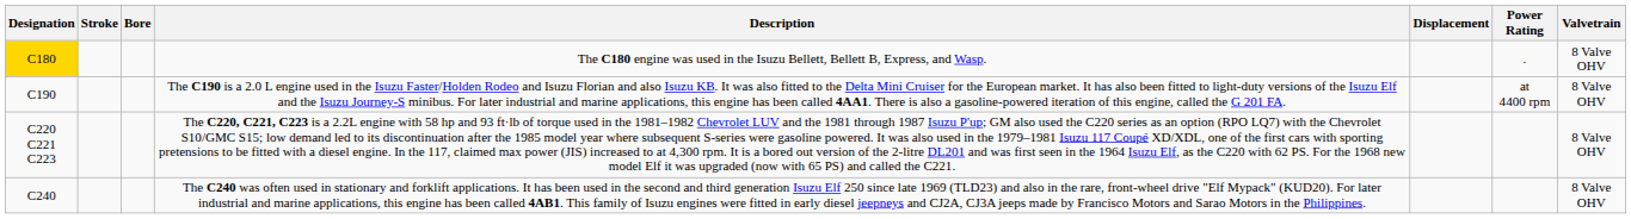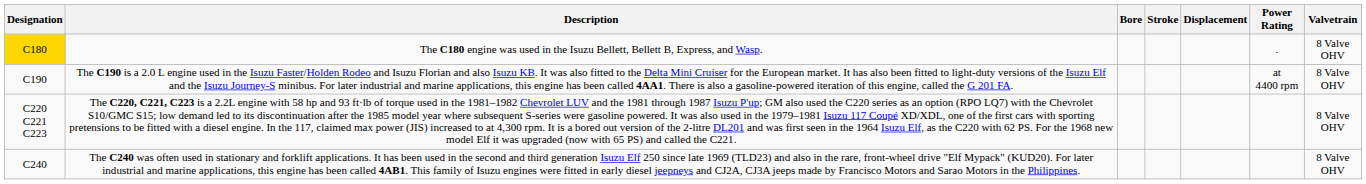 <table class="wikitable" style="text-align: center;">
 <tr>
 <th>Designation</th>
+<th>Description</th>
+<th>Bore</th>
 <th>Stroke</th>
-<th>Bore</th>
-<th>Description</th>
 <th>Displacement</th>
 <th>Power Rating</th>
 <th>Valvetrain</th>
 </tr>
 <tr>
 <td style="background: gold;">C180</td>
+<td>The <strong>C180</strong> engine was used in the Isuzu Bellett, Bellett B, Express, and <a href='#'>Wasp</a>.</td>
 <td></td>
 <td></td>
-<td>The <strong>C180</strong> engine was used in the Isuzu Bellett, Bellett B, Express, and <a href='#'>Wasp</a>.</td>
 <td></td>
 <td>.</td>
 <td>8 Valve OHV</td>
 </tr>
 <tr>
 <td>C190</td>
+<td>The <strong>C190</strong> is a 2.0 L engine used in the <a href='#'>Isuzu Faster</a>/<a href='#'>Holden Rodeo</a> and Isuzu Florian and also <a href='#'>Isuzu KB</a>. It was also fitted to the <a href='#'>Delta Mini Cruiser</a> for the European market. It has also been fitted to light-duty versions of the <a href='#'>Isuzu Elf</a> and the <a href='#'>Isuzu Journey-S</a> minibus. For later industrial and marine applications, this engine has been called <strong>4AA1</strong>. There is also a gasoline-powered iteration of this engine, called the <a href='#'>G 201 FA</a>.</td>
 <td></td>
 <td></td>
-<td>The <strong>C190</strong> is a 2.0 L engine used in the <a href='#'>Isuzu Faster</a>/<a href='#'>Holden Rodeo</a> and Isuzu Florian and also <a href='#'>Isuzu KB</a>. It was also fitted to the <a href='#'>Delta Mini Cruiser</a> for the European market. It has also been fitted to light-duty versions of the <a href='#'>Isuzu Elf</a> and the <a href='#'>Isuzu Journey-S</a> minibus. For later industrial and marine applications, this engine has been called <strong>4AA1</strong>. There is also a gasoline-powered iteration of this engine, called the <a href='#'>G 201 FA</a>.</td>
 <td></td>
 <td> at 4400 rpm</td>
 <td>8 Valve OHV</td>
 </tr>
 <tr>
 <td>C220<br>C221<br>C223</td>
+<td>The <strong>C220, C221, C223</strong> is a 2.2L engine with 58 hp and 93 ft·lb of torque used in the 1981–1982 <a href='#'>Chevrolet LUV</a> and the 1981 through 1987 <a href='#'>Isuzu P'up</a>; GM also used the C220 series as an option (RPO LQ7) with the Chevrolet S10/GMC S15; low demand led to its discontinuation after the 1985 model year where subsequent S-series were gasoline powered. It was also used in the 1979–1981 <a href='#'>Isuzu 117 Coupé</a> XD/XDL, one of the first cars with sporting pretensions to be fitted with a diesel engine. In the 117, claimed max power (JIS) increased to  at 4,300 rpm. It is a bored out version of the 2-litre <a href='#'>DL201</a> and was first seen in the 1964 <a href='#'>Isuzu Elf</a>, as the C220 with 62 PS. For the 1968 new model Elf it was upgraded (now with 65 PS) and called the C221.</td>
 <td></td>
 <td></td>
-<td>The <strong>C220, C221, C223</strong> is a 2.2L engine with 58 hp and 93 ft·lb of torque used in the 1981–1982 <a href='#'>Chevrolet LUV</a> and the 1981 through 1987 <a href='#'>Isuzu P'up</a>; GM also used the C220 series as an option (RPO LQ7) with the Chevrolet S10/GMC S15; low demand led to its discontinuation after the 1985 model year where subsequent S-series were gasoline powered. It was also used in the 1979–1981 <a href='#'>Isuzu 117 Coupé</a> XD/XDL, one of the first cars with sporting pretensions to be fitted with a diesel engine. In the 117, claimed max power (JIS) increased to  at 4,300 rpm. It is a bored out version of the 2-litre <a href='#'>DL201</a> and was first seen in the 1964 <a href='#'>Isuzu Elf</a>, as the C220 with 62 PS. For the 1968 new model Elf it was upgraded (now with 65 PS) and called the C221.</td>
 <td></td>
 <td></td>
 <td>8 Valve OHV</td>
 </tr>
 <tr>
 <td>C240</td>
+<td>The <strong>C240</strong> was often used in stationary and forklift applications. It has been used in the second and third generation <a href='#'>Isuzu Elf</a> 250 since late 1969 (TLD23) and also in the rare, front-wheel drive "Elf Mypack" (KUD20). For later industrial and marine applications, this engine has been called <strong>4AB1</strong>. This family of Isuzu engines were fitted in early diesel <a href='#'>jeepneys</a> and CJ2A, CJ3A jeeps made by Francisco Motors and Sarao Motors in the <a href='#'>Philippines</a>.</td>
 <td></td>
 <td></td>
-<td>The <strong>C240</strong> was often used in stationary and forklift applications. It has been used in the second and third generation <a href='#'>Isuzu Elf</a> 250 since late 1969 (TLD23) and also in the rare, front-wheel drive "Elf Mypack" (KUD20). For later industrial and marine applications, this engine has been called <strong>4AB1</strong>. This family of Isuzu engines were fitted in early diesel <a href='#'>jeepneys</a> and CJ2A, CJ3A jeeps made by Francisco Motors and Sarao Motors in the <a href='#'>Philippines</a>.</td>
 <td></td>
 <td> <br></td>
 <td>8 Valve OHV</td>
 </tr>
 </table>
